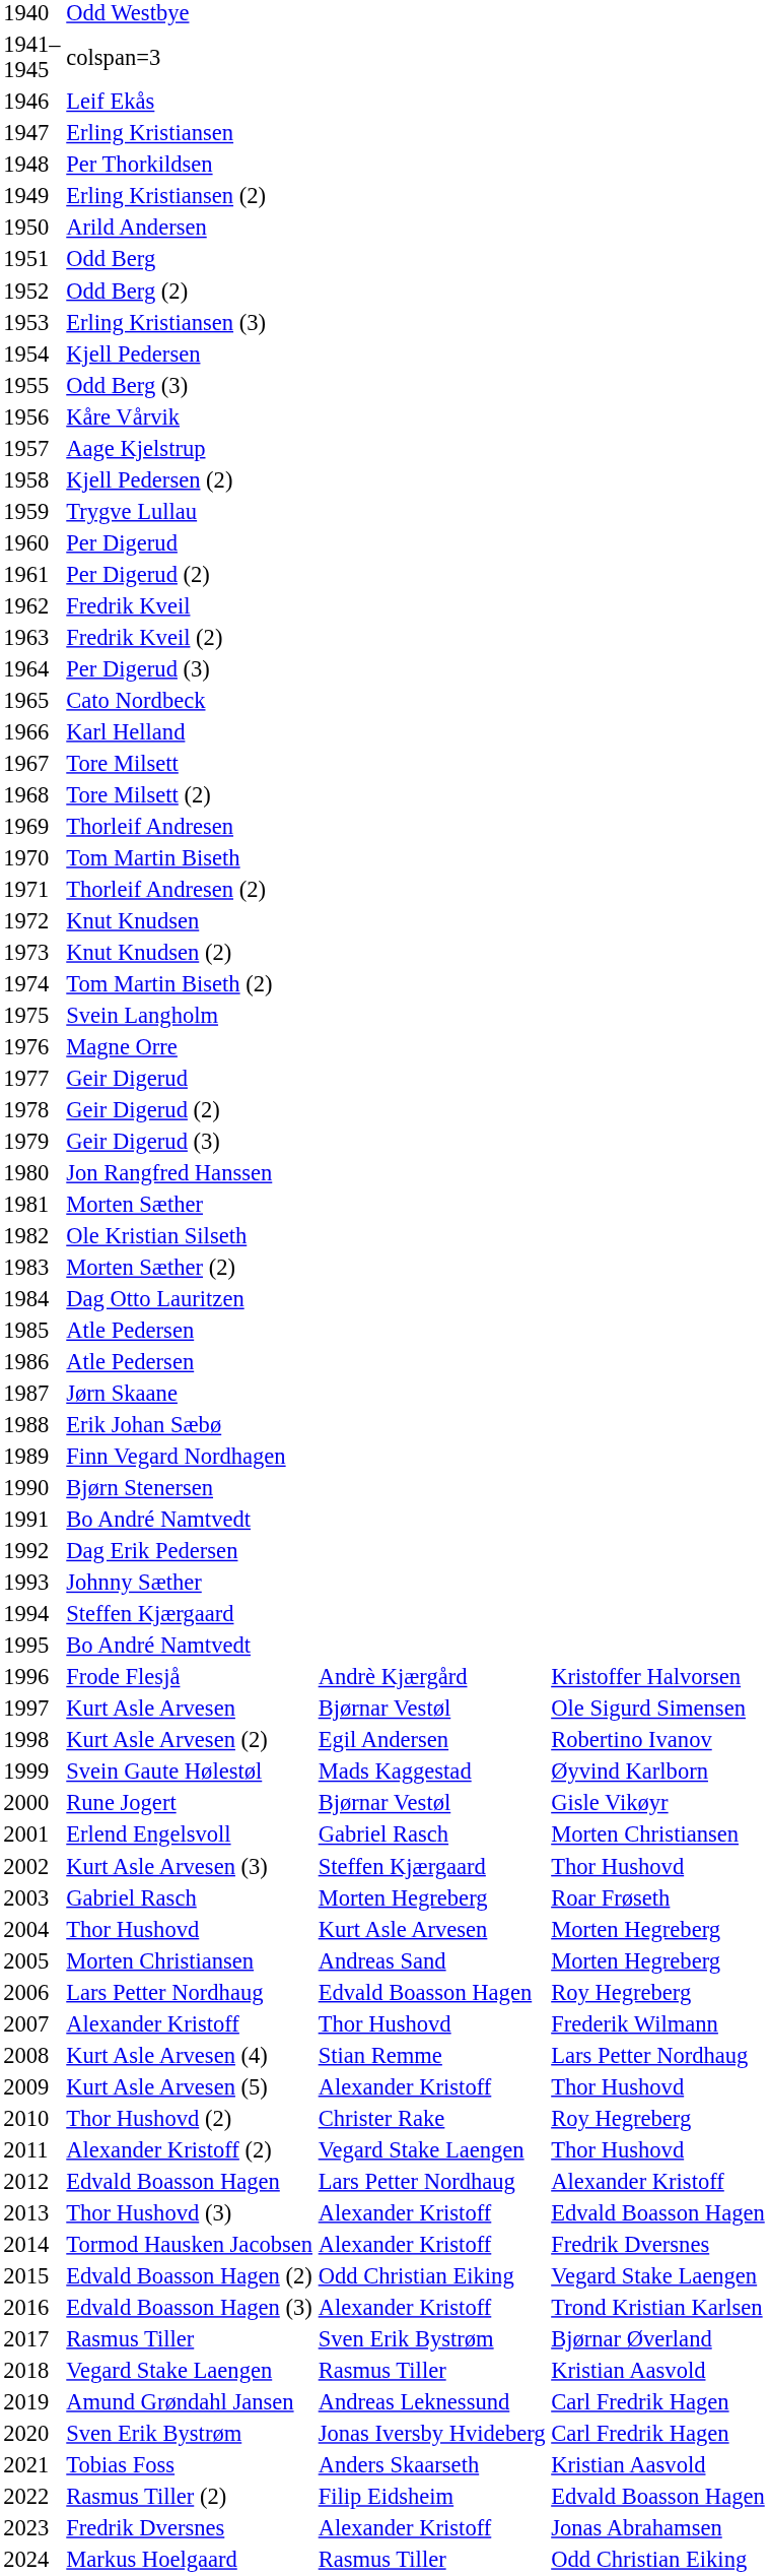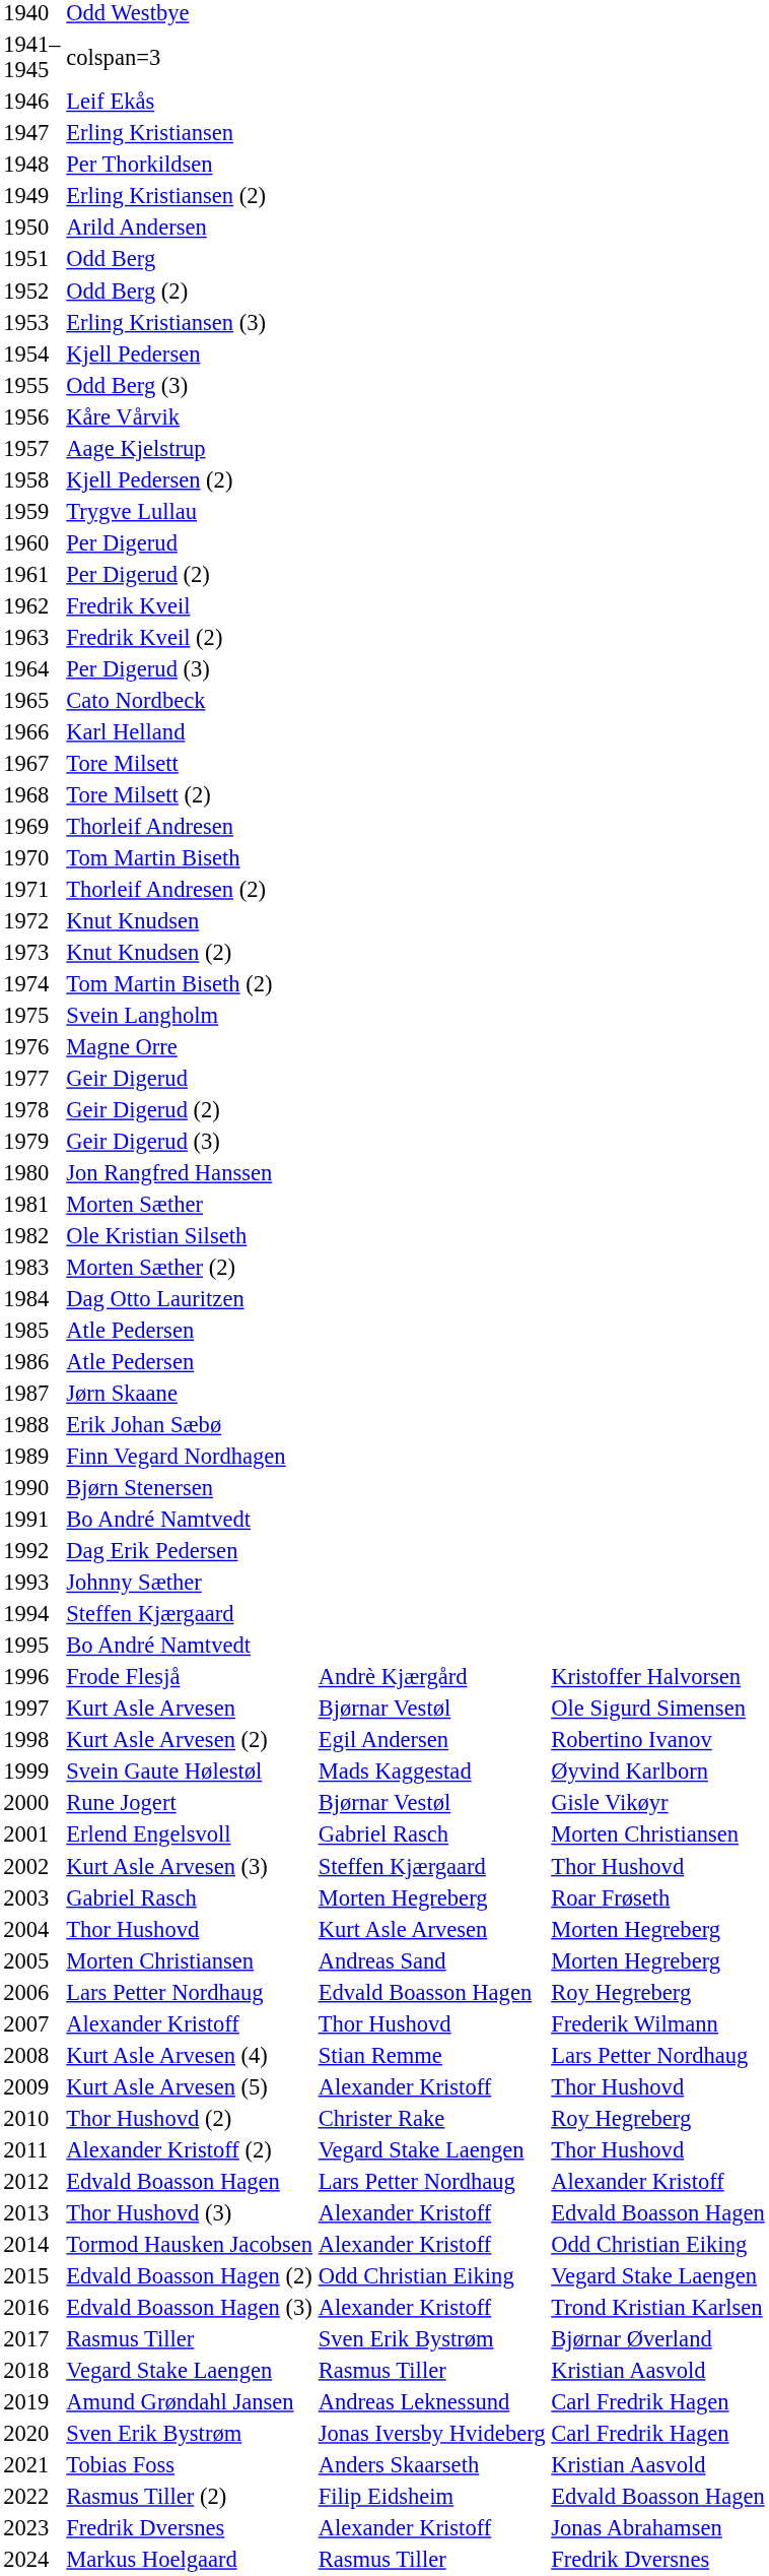 <table>
 <tr>
 <td>1940</td>
 <td><a href='#'>Odd Westbye</a></td>
 <td></td>
 <td></td>
 </tr>
 <tr>
 <td>1941–<br>1945</td>
 <td>colspan=3 </td>
 </tr>
 <tr>
 <td>1946</td>
 <td><a href='#'>Leif Ekås</a></td>
 <td></td>
 <td></td>
 </tr>
 <tr>
 <td>1947</td>
 <td><a href='#'>Erling Kristiansen</a></td>
 <td></td>
 <td></td>
 </tr>
 <tr>
 <td>1948</td>
 <td><a href='#'>Per Thorkildsen</a></td>
 <td></td>
 <td></td>
 </tr>
 <tr>
 <td>1949</td>
 <td><a href='#'>Erling Kristiansen</a> (2)</td>
 <td></td>
 <td></td>
 </tr>
 <tr>
 <td>1950</td>
 <td><a href='#'>Arild Andersen</a></td>
 <td></td>
 <td></td>
 </tr>
 <tr>
 <td>1951</td>
 <td><a href='#'>Odd Berg</a></td>
 <td></td>
 <td></td>
 </tr>
 <tr>
 <td>1952</td>
 <td><a href='#'>Odd Berg</a> (2)</td>
 <td></td>
 <td></td>
 </tr>
 <tr>
 <td>1953</td>
 <td><a href='#'>Erling Kristiansen</a> (3)</td>
 <td></td>
 <td></td>
 </tr>
 <tr>
 <td>1954</td>
 <td><a href='#'>Kjell Pedersen</a></td>
 <td></td>
 <td></td>
 </tr>
 <tr>
 <td>1955</td>
 <td><a href='#'>Odd Berg</a> (3)</td>
 <td></td>
 <td></td>
 </tr>
 <tr>
 <td>1956</td>
 <td><a href='#'>Kåre Vårvik</a></td>
 <td></td>
 <td></td>
 </tr>
 <tr>
 <td>1957</td>
 <td><a href='#'>Aage Kjelstrup</a></td>
 <td></td>
 <td></td>
 </tr>
 <tr>
 <td>1958</td>
 <td><a href='#'>Kjell Pedersen</a> (2)</td>
 <td></td>
 <td></td>
 </tr>
 <tr>
 <td>1959</td>
 <td><a href='#'>Trygve Lullau</a></td>
 <td></td>
 <td></td>
 </tr>
 <tr>
 <td>1960</td>
 <td><a href='#'>Per Digerud</a></td>
 <td></td>
 <td></td>
 </tr>
 <tr>
 <td>1961</td>
 <td><a href='#'>Per Digerud</a> (2)</td>
 <td></td>
 <td></td>
 </tr>
 <tr>
 <td>1962</td>
 <td><a href='#'>Fredrik Kveil</a></td>
 <td></td>
 <td></td>
 </tr>
 <tr>
 <td>1963</td>
 <td><a href='#'>Fredrik Kveil</a> (2)</td>
 <td></td>
 <td></td>
 </tr>
 <tr>
 <td>1964</td>
 <td><a href='#'>Per Digerud</a> (3)</td>
 <td></td>
 <td></td>
 </tr>
 <tr>
 <td>1965</td>
 <td><a href='#'>Cato Nordbeck</a></td>
 <td></td>
 <td></td>
 </tr>
 <tr>
 <td>1966</td>
 <td><a href='#'>Karl Helland</a></td>
 <td></td>
 <td></td>
 </tr>
 <tr>
 <td>1967</td>
 <td><a href='#'>Tore Milsett</a></td>
 <td></td>
 <td></td>
 </tr>
 <tr>
 <td>1968</td>
 <td><a href='#'>Tore Milsett</a> (2)</td>
 <td></td>
 <td></td>
 </tr>
 <tr>
 <td>1969</td>
 <td><a href='#'>Thorleif Andresen</a></td>
 <td></td>
 <td></td>
 </tr>
 <tr>
 <td>1970</td>
 <td><a href='#'>Tom Martin Biseth</a></td>
 <td></td>
 <td></td>
 </tr>
 <tr>
 <td>1971</td>
 <td><a href='#'>Thorleif Andresen</a> (2)</td>
 <td></td>
 <td></td>
 </tr>
 <tr>
 <td>1972</td>
 <td><a href='#'>Knut Knudsen</a></td>
 <td></td>
 <td></td>
 </tr>
 <tr>
 <td>1973</td>
 <td><a href='#'>Knut Knudsen</a> (2)</td>
 <td></td>
 <td></td>
 </tr>
 <tr>
 <td>1974</td>
 <td><a href='#'>Tom Martin Biseth</a> (2)</td>
 <td></td>
 <td></td>
 </tr>
 <tr>
 <td>1975</td>
 <td><a href='#'>Svein Langholm</a></td>
 <td></td>
 <td></td>
 </tr>
 <tr>
 <td>1976</td>
 <td><a href='#'>Magne Orre</a></td>
 <td></td>
 <td></td>
 </tr>
 <tr>
 <td>1977</td>
 <td><a href='#'>Geir Digerud</a></td>
 <td></td>
 <td></td>
 </tr>
 <tr>
 <td>1978</td>
 <td><a href='#'>Geir Digerud</a> (2)</td>
 <td></td>
 <td></td>
 </tr>
 <tr>
 <td>1979</td>
 <td><a href='#'>Geir Digerud</a> (3)</td>
 <td></td>
 <td></td>
 </tr>
 <tr>
 <td>1980</td>
 <td><a href='#'>Jon Rangfred Hanssen</a></td>
 <td></td>
 <td></td>
 </tr>
 <tr>
 <td>1981</td>
 <td><a href='#'>Morten Sæther</a></td>
 <td></td>
 <td></td>
 </tr>
 <tr>
 <td>1982</td>
 <td><a href='#'>Ole Kristian Silseth</a></td>
 <td></td>
 <td></td>
 </tr>
 <tr>
 <td>1983</td>
 <td><a href='#'>Morten Sæther</a> (2)</td>
 <td></td>
 <td></td>
 </tr>
 <tr>
 <td>1984</td>
 <td><a href='#'>Dag Otto Lauritzen</a></td>
 <td></td>
 <td></td>
 </tr>
 <tr>
 <td>1985</td>
 <td><a href='#'>Atle Pedersen</a></td>
 <td></td>
 <td></td>
 </tr>
 <tr>
 <td>1986</td>
 <td><a href='#'>Atle Pedersen</a></td>
 <td></td>
 <td></td>
 </tr>
 <tr>
 <td>1987</td>
 <td><a href='#'>Jørn Skaane</a></td>
 <td></td>
 <td></td>
 </tr>
 <tr>
 <td>1988</td>
 <td><a href='#'>Erik Johan Sæbø</a></td>
 <td></td>
 <td></td>
 </tr>
 <tr>
 <td>1989</td>
 <td><a href='#'>Finn Vegard Nordhagen</a></td>
 <td></td>
 <td></td>
 </tr>
 <tr>
 <td>1990</td>
 <td><a href='#'>Bjørn Stenersen</a></td>
 <td></td>
 <td></td>
 </tr>
 <tr>
 <td>1991</td>
 <td><a href='#'>Bo André Namtvedt</a></td>
 <td></td>
 <td></td>
 </tr>
 <tr>
 <td>1992</td>
 <td><a href='#'>Dag Erik Pedersen</a></td>
 <td></td>
 <td></td>
 </tr>
 <tr>
 <td>1993</td>
 <td><a href='#'>Johnny Sæther</a></td>
 <td></td>
 <td></td>
 </tr>
 <tr>
 <td>1994</td>
 <td><a href='#'>Steffen Kjærgaard</a></td>
 <td></td>
 <td></td>
 </tr>
 <tr>
 <td>1995</td>
 <td><a href='#'>Bo André Namtvedt</a></td>
 <td></td>
 <td></td>
 </tr>
 <tr>
 <td>1996</td>
 <td><a href='#'>Frode Flesjå</a></td>
 <td><a href='#'>Andrè Kjærgård</a></td>
 <td><a href='#'>Kristoffer Halvorsen</a></td>
 </tr>
 <tr>
 <td>1997</td>
 <td><a href='#'>Kurt Asle Arvesen</a></td>
 <td><a href='#'>Bjørnar Vestøl</a></td>
 <td><a href='#'>Ole Sigurd Simensen</a></td>
 </tr>
 <tr>
 <td>1998</td>
 <td><a href='#'>Kurt Asle Arvesen</a> (2)</td>
 <td><a href='#'>Egil Andersen</a></td>
 <td><a href='#'>Robertino Ivanov</a></td>
 </tr>
 <tr>
 <td>1999</td>
 <td><a href='#'>Svein Gaute Hølestøl</a></td>
 <td><a href='#'>Mads Kaggestad</a></td>
 <td><a href='#'>Øyvind Karlborn</a></td>
 </tr>
 <tr>
 <td>2000</td>
 <td><a href='#'>Rune Jogert</a></td>
 <td><a href='#'>Bjørnar Vestøl</a></td>
 <td><a href='#'>Gisle Vikøyr</a></td>
 </tr>
 <tr>
 <td>2001</td>
 <td><a href='#'>Erlend Engelsvoll</a></td>
 <td><a href='#'>Gabriel Rasch</a></td>
 <td><a href='#'>Morten Christiansen</a></td>
 </tr>
 <tr>
 <td>2002</td>
 <td><a href='#'>Kurt Asle Arvesen</a> (3)</td>
 <td><a href='#'>Steffen Kjærgaard</a></td>
 <td><a href='#'>Thor Hushovd</a></td>
 </tr>
 <tr>
 <td>2003</td>
 <td><a href='#'>Gabriel Rasch</a></td>
 <td><a href='#'>Morten Hegreberg</a></td>
 <td><a href='#'>Roar Frøseth</a></td>
 </tr>
 <tr>
 <td>2004</td>
 <td><a href='#'>Thor Hushovd</a></td>
 <td><a href='#'>Kurt Asle Arvesen</a></td>
 <td><a href='#'>Morten Hegreberg</a></td>
 </tr>
 <tr>
 <td>2005</td>
 <td><a href='#'>Morten Christiansen</a></td>
 <td><a href='#'>Andreas Sand</a></td>
 <td><a href='#'>Morten Hegreberg</a></td>
 </tr>
 <tr>
 <td>2006</td>
 <td><a href='#'>Lars Petter Nordhaug</a></td>
 <td><a href='#'>Edvald Boasson Hagen</a></td>
 <td><a href='#'>Roy Hegreberg</a></td>
 </tr>
 <tr>
 <td>2007</td>
 <td><a href='#'>Alexander Kristoff</a></td>
 <td><a href='#'>Thor Hushovd</a></td>
 <td><a href='#'>Frederik Wilmann</a></td>
 </tr>
 <tr>
 <td>2008</td>
 <td><a href='#'>Kurt Asle Arvesen</a> (4)</td>
 <td><a href='#'>Stian Remme</a></td>
 <td><a href='#'>Lars Petter Nordhaug</a></td>
 </tr>
 <tr>
 <td>2009</td>
 <td><a href='#'>Kurt Asle Arvesen</a> (5)</td>
 <td><a href='#'>Alexander Kristoff</a></td>
 <td><a href='#'>Thor Hushovd</a></td>
 </tr>
 <tr>
 <td>2010</td>
 <td><a href='#'>Thor Hushovd</a> (2)</td>
 <td><a href='#'>Christer Rake</a></td>
 <td><a href='#'>Roy Hegreberg</a></td>
 </tr>
 <tr>
 <td>2011</td>
 <td><a href='#'>Alexander Kristoff</a> (2)</td>
 <td><a href='#'>Vegard Stake Laengen</a></td>
 <td><a href='#'>Thor Hushovd</a></td>
 </tr>
 <tr>
 <td>2012</td>
 <td><a href='#'>Edvald Boasson Hagen</a></td>
 <td><a href='#'>Lars Petter Nordhaug</a></td>
 <td><a href='#'>Alexander Kristoff</a></td>
 </tr>
 <tr>
 <td>2013</td>
 <td><a href='#'>Thor Hushovd</a> (3)</td>
 <td><a href='#'>Alexander Kristoff</a></td>
 <td><a href='#'>Edvald Boasson Hagen</a></td>
 </tr>
 <tr>
 <td>2014</td>
 <td><a href='#'>Tormod Hausken Jacobsen</a></td>
 <td><a href='#'>Alexander Kristoff</a></td>
-<td><a href='#'>Fredrik Dversnes</a></td>
+<td><a href='#'>Odd Christian Eiking</a></td>
 </tr>
 <tr>
 <td>2015</td>
 <td><a href='#'>Edvald Boasson Hagen</a> (2)</td>
 <td><a href='#'>Odd Christian Eiking</a></td>
 <td><a href='#'>Vegard Stake Laengen</a></td>
 </tr>
 <tr>
 <td>2016</td>
 <td><a href='#'>Edvald Boasson Hagen</a> (3)</td>
 <td><a href='#'>Alexander Kristoff</a></td>
 <td><a href='#'>Trond Kristian Karlsen</a></td>
 </tr>
 <tr>
 <td>2017</td>
 <td><a href='#'>Rasmus Tiller</a></td>
 <td><a href='#'>Sven Erik Bystrøm</a></td>
 <td><a href='#'>Bjørnar Øverland</a></td>
 </tr>
 <tr>
 <td>2018</td>
 <td><a href='#'>Vegard Stake Laengen</a></td>
 <td><a href='#'>Rasmus Tiller</a></td>
 <td><a href='#'>Kristian Aasvold</a></td>
 </tr>
 <tr>
 <td>2019</td>
 <td><a href='#'>Amund Grøndahl Jansen</a></td>
 <td><a href='#'>Andreas Leknessund</a></td>
 <td><a href='#'>Carl Fredrik Hagen</a></td>
 </tr>
 <tr>
 <td>2020</td>
 <td><a href='#'>Sven Erik Bystrøm</a></td>
 <td><a href='#'>Jonas Iversby Hvideberg</a></td>
 <td><a href='#'>Carl Fredrik Hagen</a></td>
 </tr>
 <tr>
 <td>2021</td>
 <td><a href='#'>Tobias Foss</a></td>
 <td><a href='#'>Anders Skaarseth</a></td>
 <td><a href='#'>Kristian Aasvold</a></td>
 </tr>
 <tr>
 <td>2022</td>
 <td><a href='#'>Rasmus Tiller</a> (2)</td>
 <td><a href='#'>Filip Eidsheim</a></td>
 <td><a href='#'>Edvald Boasson Hagen</a></td>
 </tr>
 <tr>
 <td>2023</td>
 <td><a href='#'>Fredrik Dversnes</a></td>
 <td><a href='#'>Alexander Kristoff</a></td>
 <td><a href='#'>Jonas Abrahamsen</a></td>
 </tr>
 <tr>
 <td>2024</td>
 <td><a href='#'>Markus Hoelgaard</a></td>
 <td><a href='#'>Rasmus Tiller</a></td>
-<td><a href='#'>Odd Christian Eiking</a></td>
+<td><a href='#'>Fredrik Dversnes</a></td>
 </tr>
 </table>
